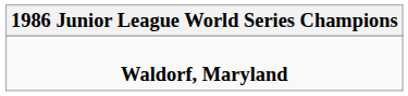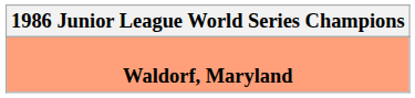 <table class="wikitable" style="text-align: center; margin: 0 auto;">
 <tr>
 <th>1986 Junior League World Series Champions</th>
 </tr>
 <tr>
 </tr>
 <tr>
-<td><br><strong>Waldorf, Maryland</strong></td>
+<td style="background: lightsalmon;"><br><strong>Waldorf, Maryland</strong></td>
 </tr>
 </table>
